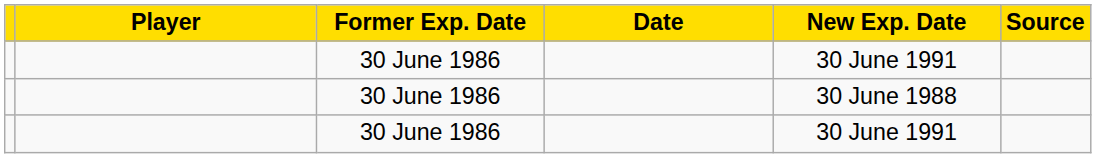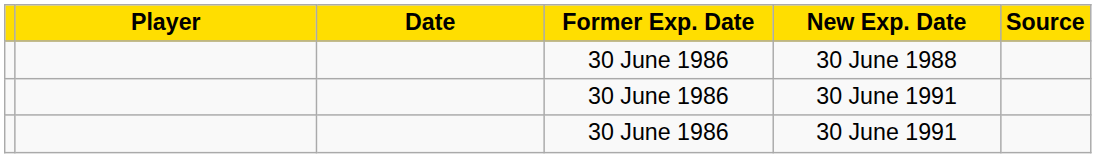 <table class="wikitable sortable">
 <tr>
 <th style="background:#FFDE00"></th>
 <th width=200 style="background:#FFDE00">Player</th>
+<th width=150 style="background:#FFDE00">Date</th>
 <th width=150 style="background:#FFDE00">Former Exp. Date</th>
-<th width=150 style="background:#FFDE00">Date</th>
 <th width=150 style="background:#FFDE00">New Exp. Date</th>
 <th style="background:#FFDE00">Source</th>
 </tr>
 <tr>
 <td align=center></td>
 <td></td>
+<td align=center></td>
 <td align=center>30 June 1986</td>
+<td align=center>30 June 1988</td>
 <td align=center></td>
+</tr>
+<tr>
+<td align=center></td>
+<td></td>
+<td align=center></td>
+<td align=center>30 June 1986</td>
 <td align=center>30 June 1991</td>
 <td align=center></td>
 </tr>
 <tr>
 <td align=center></td>
 <td></td>
+<td align=center></td>
 <td align=center>30 June 1986</td>
-<td align=center></td>
-<td align=center>30 June 1988</td>
-<td align=center></td>
-</tr>
-<tr>
-<td align=center></td>
-<td></td>
-<td align=center>30 June 1986</td>
-<td align=center></td>
 <td align=center>30 June 1991</td>
 <td align=center></td>
 </tr>
 </table>
